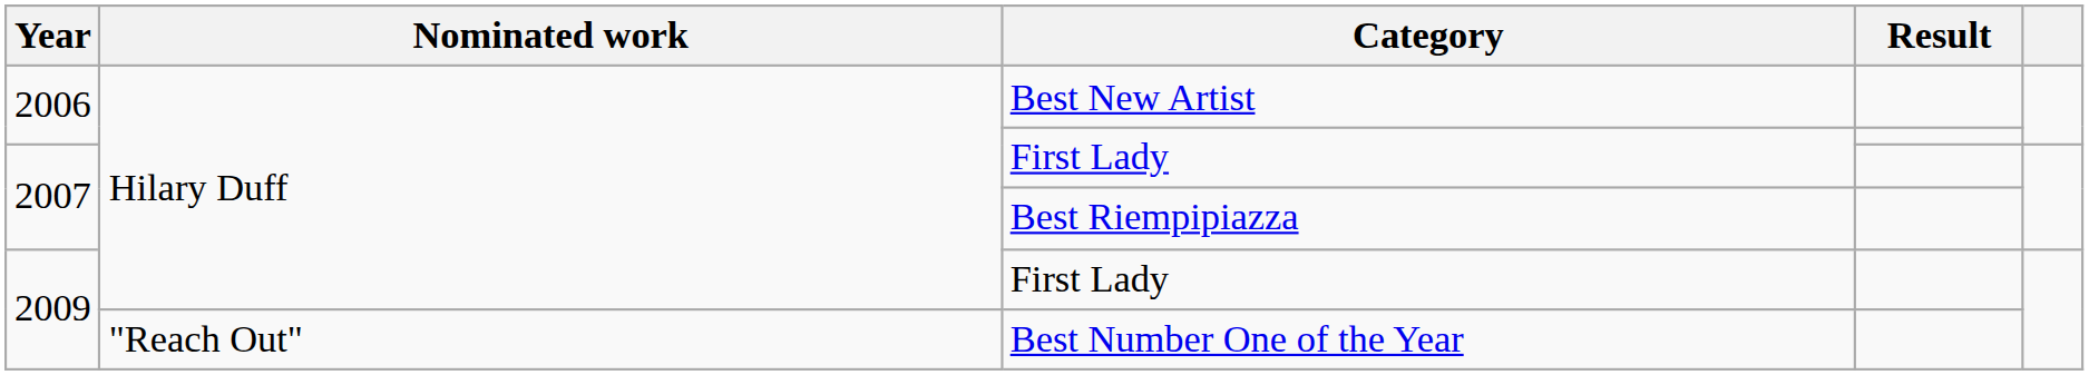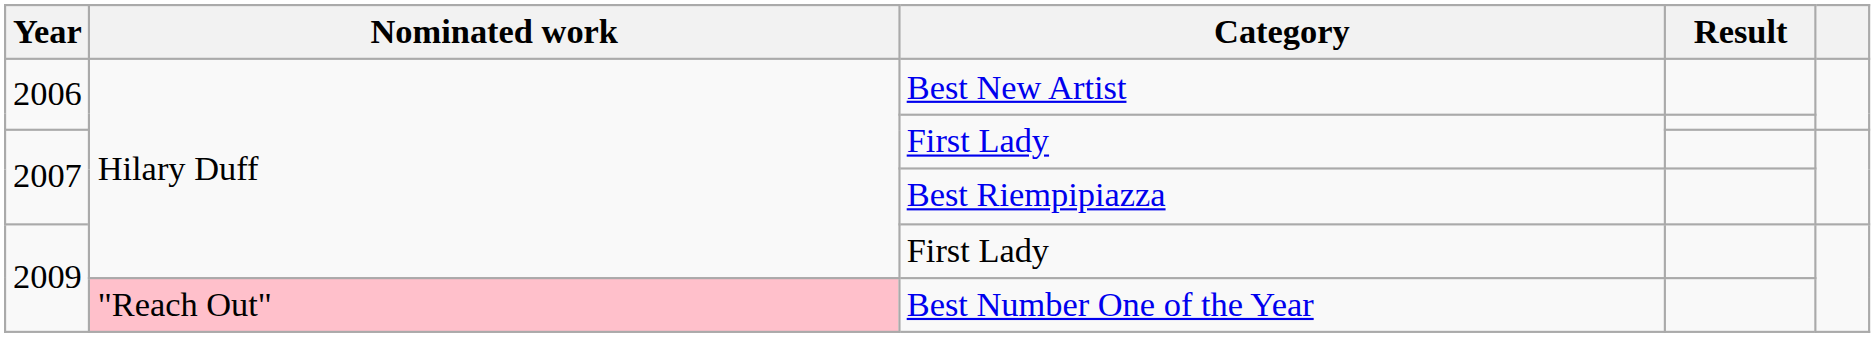 <table class="wikitable sortable">
 <tr>
 <th scope="col" style="width:1em;">Year</th>
 <th scope="col" style="width:39em;">Nominated work</th>
 <th scope="col" style="width:36em;">Category</th>
 <th scope="col" style="width:5em;">Result</th>
 <th scope="col" style="width:2em;" class="unsortable"></th>
 </tr>
 <tr>
 <td rowspan=2>2006</td>
 <td rowspan=5>Hilary Duff</td>
 <td><a href='#'>Best New Artist</a></td>
 <td></td>
 <td style="text-align:center;" rowspan=2></td>
 </tr>
 <tr>
 <td rowspan=2><a href='#'>First Lady</a></td>
 <td></td>
 </tr>
 <tr>
 <td rowspan=2>2007</td>
 <td></td>
 <td style="text-align:center;" rowspan=2></td>
 </tr>
 <tr>
 <td><a href='#'>Best Riempipiazza</a></td>
 <td></td>
 </tr>
 <tr>
 <td rowspan=2>2009</td>
 <td TRL Awards>First Lady</td>
 <td></td>
 <td style="text-align:center;" rowspan=2></td>
 </tr>
 <tr>
-<td>"Reach Out"</td>
+<td style="background: pink;">"Reach Out"</td>
 <td><a href='#'>Best Number One of the Year</a></td>
 <td></td>
 </tr>
 </table>
